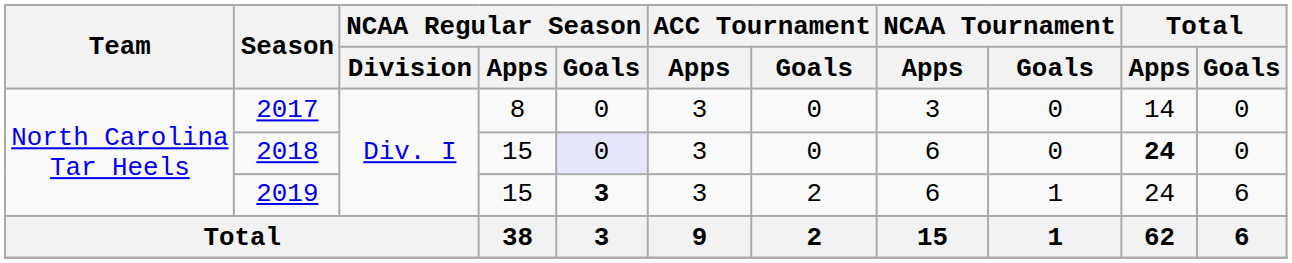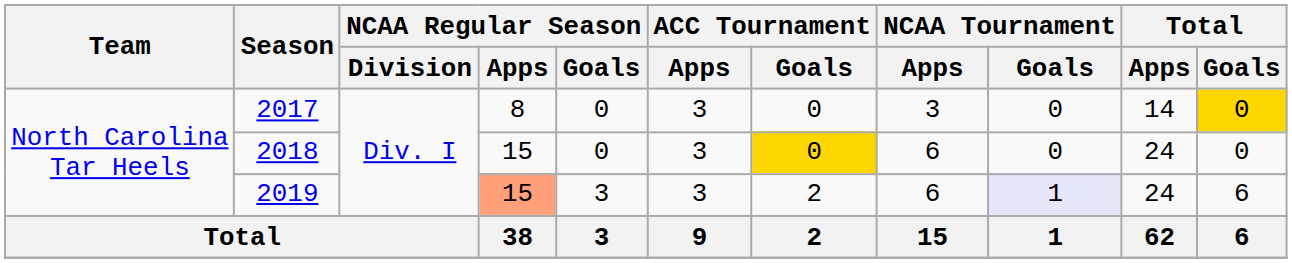 <table class="wikitable" style="text-align: center;">
 <tr>
 <th rowspan="2">Team</th>
 <th rowspan="2">Season</th>
 <th colspan="3">NCAA Regular Season</th>
 <th colspan="2">ACC Tournament</th>
 <th colspan="2">NCAA Tournament</th>
 <th colspan="2">Total</th>
 </tr>
 <tr>
 <th>Division</th>
 <th>Apps</th>
 <th>Goals</th>
 <th>Apps</th>
 <th>Goals</th>
 <th>Apps</th>
 <th>Goals</th>
 <th>Apps</th>
 <th>Goals</th>
 </tr>
 <tr>
 <td rowspan="3"><a href='#'>North Carolina<br>Tar Heels</a></td>
 <td><a href='#'>2017</a></td>
 <td rowspan="3"><a href='#'>Div. I</a></td>
 <td>8</td>
 <td>0</td>
 <td>3</td>
 <td>0</td>
 <td>3</td>
 <td>0</td>
 <td>14</td>
-<td>0</td>
+<td style="background: gold;">0</td>
 </tr>
 <tr>
 <td><a href='#'>2018</a></td>
 <td>15</td>
-<td style="background: lavender;">0</td>
+<td>0</td>
 <td>3</td>
-<td>0</td>
+<td style="background: gold;">0</td>
 <td>6</td>
 <td>0</td>
-<td><strong>24</strong></td>
+<td>24</td>
 <td>0</td>
 </tr>
 <tr>
 <td><a href='#'>2019</a></td>
-<td>15</td>
-<td><strong>3</strong></td>
+<td style="background: lightsalmon;">15</td>
+<td>3</td>
 <td>3</td>
 <td>2</td>
 <td>6</td>
-<td>1</td>
+<td style="background: lavender;">1</td>
 <td>24</td>
 <td>6</td>
 </tr>
 <tr>
 <th colspan="3">Total</th>
 <th>38</th>
 <th>3</th>
 <th>9</th>
 <th>2</th>
 <th>15</th>
 <th>1</th>
 <th>62</th>
 <th>6</th>
 </tr>
 <tr>
 </tr>
 </table>
